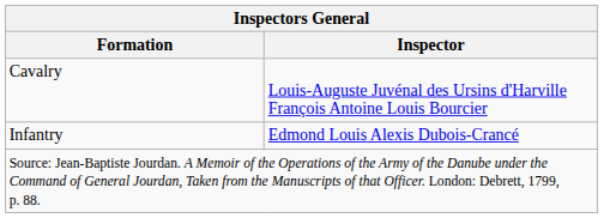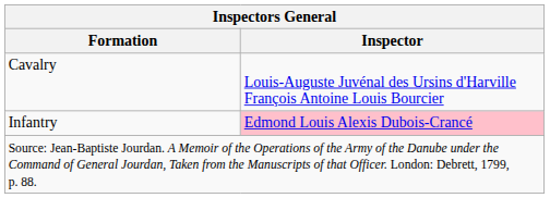 <table class="wikitable" width=45%>
 <tr valign="top">
 <th colspan="11" bgcolor="white">Inspectors General</th>
 </tr>
 <tr valign="top">
 <th width=35%; align= center>Formation</th>
 <th width=45%; align= center>Inspector</th>
 </tr>
 <tr valign="top">
 <td align= left>Cavalry</td>
 <td align= left><br><a href='#'>Louis-Auguste Juvénal des Ursins d'Harville</a><br> <a href='#'>François Antoine Louis Bourcier</a></td>
 </tr>
 <tr valign="top">
 <td align= left>Infantry</td>
-<td align= left><a href='#'>Edmond Louis Alexis Dubois-Crancé</a></td>
+<td align= left style="background: pink;"><a href='#'>Edmond Louis Alexis Dubois-Crancé</a></td>
 </tr>
 <tr valign="top">
 <td colspan="9" align="left"><small>Source: Jean-Baptiste Jourdan. <em>A Memoir of the Operations of the Army of the Danube under the Command of General Jourdan, Taken from the Manuscripts of that Officer.</em> London: Debrett, 1799, p. 88.</small></td>
 </tr>
 </table>
